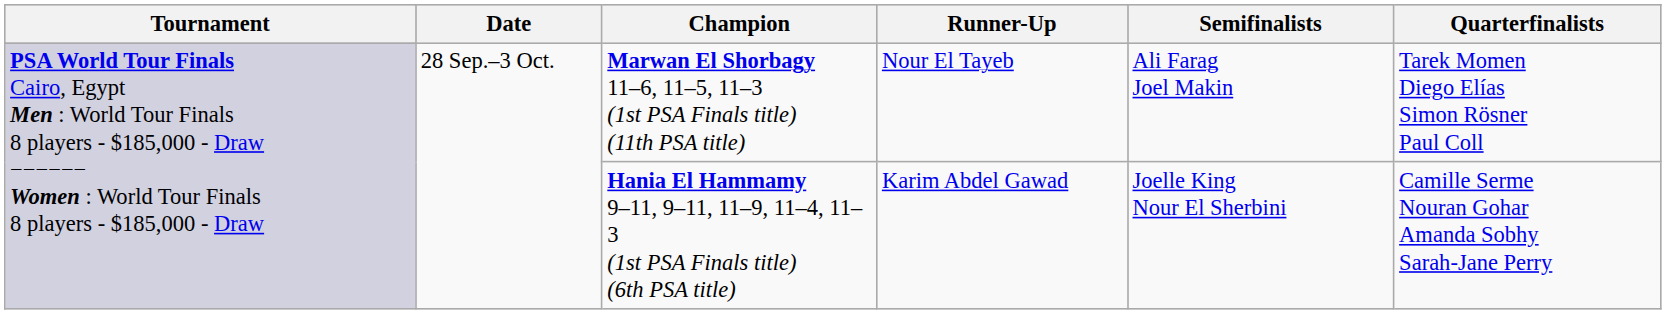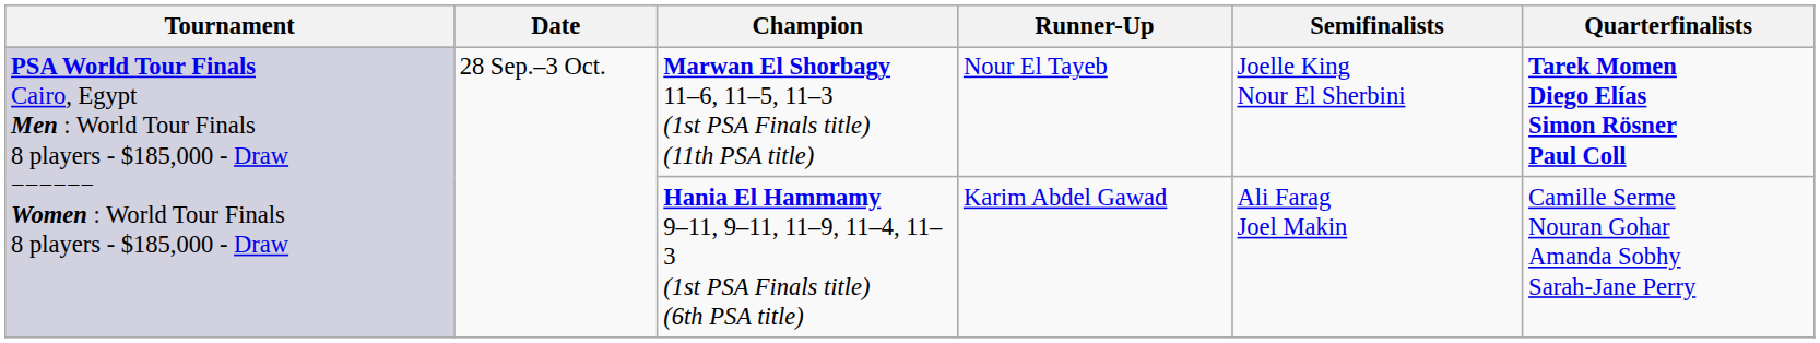 <table class="wikitable" style="font-size:88%">
 <tr>
 <th width=250>Tournament</th>
 <th width=110>Date</th>
 <th width=165>Champion</th>
 <th width=150>Runner-Up</th>
 <th width=160>Semifinalists</th>
 <th width=160>Quarterfinalists</th>
 </tr>
 <tr valign=top>
 <td rowspan=2 style="background:#d1d1e0;"><strong><a href='#'> PSA World Tour Finals</a></strong><br> <a href='#'>Cairo</a>, Egypt<br><strong> <em>Men</em> </strong>: World Tour Finals<br>8 players - $185,000 - <a href='#'>Draw</a><br>−−−−−−<br><strong> <em>Women</em> </strong>: World Tour Finals<br>8 players - $185,000 - <a href='#'>Draw</a></td>
 <td rowspan=2>28 Sep.–3 Oct.</td>
 <td> <strong><a href='#'>Marwan El Shorbagy</a></strong><br>11–6, 11–5, 11–3<br><em>(1st PSA Finals title)</em><br><em>(11th PSA title)</em></td>
 <td> <a href='#'>Nour El Tayeb</a></td>
-<td> <a href='#'>Ali Farag</a><br> <a href='#'>Joel Makin</a></td>
-<td> <a href='#'>Tarek Momen</a><br> <a href='#'>Diego Elías</a><br> <a href='#'>Simon Rösner</a><br> <a href='#'>Paul Coll</a></td>
+<td> <a href='#'>Joelle King</a><br> <a href='#'>Nour El Sherbini</a></td>
+<td><strong> <a href='#'>Tarek Momen</a><br> <a href='#'>Diego Elías</a><br> <a href='#'>Simon Rösner</a><br> <a href='#'>Paul Coll</a></strong></td>
 </tr>
 <tr valign=top>
 <td> <strong><a href='#'>Hania El Hammamy</a></strong><br>9–11, 9–11, 11–9, 11–4, 11–3<br><em>(1st PSA Finals title)</em><br><em>(6th PSA title)</em></td>
 <td> <a href='#'>Karim Abdel Gawad</a></td>
-<td> <a href='#'>Joelle King</a><br> <a href='#'>Nour El Sherbini</a></td>
+<td> <a href='#'>Ali Farag</a><br> <a href='#'>Joel Makin</a></td>
 <td> <a href='#'>Camille Serme</a><br> <a href='#'>Nouran Gohar</a><br> <a href='#'>Amanda Sobhy</a><br> <a href='#'>Sarah-Jane Perry</a></td>
 </tr>
 </table>
